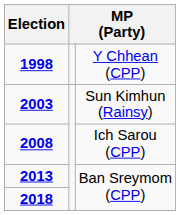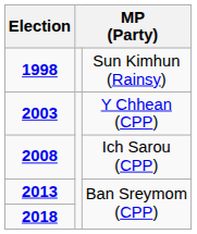 <table class="wikitable" style="text-align:center">
 <tr>
 <th>Election</th>
 <th colspan=2>MP<br>(Party)</th>
 </tr>
 <tr>
 <td><strong><a href='#'>1998</a></strong></td>
 <td rowspan=1; style="background-color: "></td>
-<td rowspan=1><a href='#'>Y Chhean</a><br>(<a href='#'>CPP</a>)</td>
+<td rowspan=1>Sun Kimhun<br>(<a href='#'>Rainsy</a>)</td>
 </tr>
 <tr>
 <td><strong><a href='#'>2003</a></strong></td>
 <td rowspan=4; style="background-color: "></td>
-<td rowspan=1>Sun Kimhun<br>(<a href='#'>Rainsy</a>)</td>
+<td rowspan=1><a href='#'>Y Chhean</a><br>(<a href='#'>CPP</a>)</td>
 </tr>
 <tr>
 <td><strong><a href='#'>2008</a></strong></td>
 <td rowspan=1>Ich Sarou<br>(<a href='#'>CPP</a>)</td>
 </tr>
 <tr>
 <td><strong><a href='#'>2013</a></strong></td>
 <td rowspan=2>Ban Sreymom<br>(<a href='#'>CPP</a>)</td>
 </tr>
 <tr>
 <td><strong><a href='#'>2018</a></strong></td>
 </tr>
 </table>
